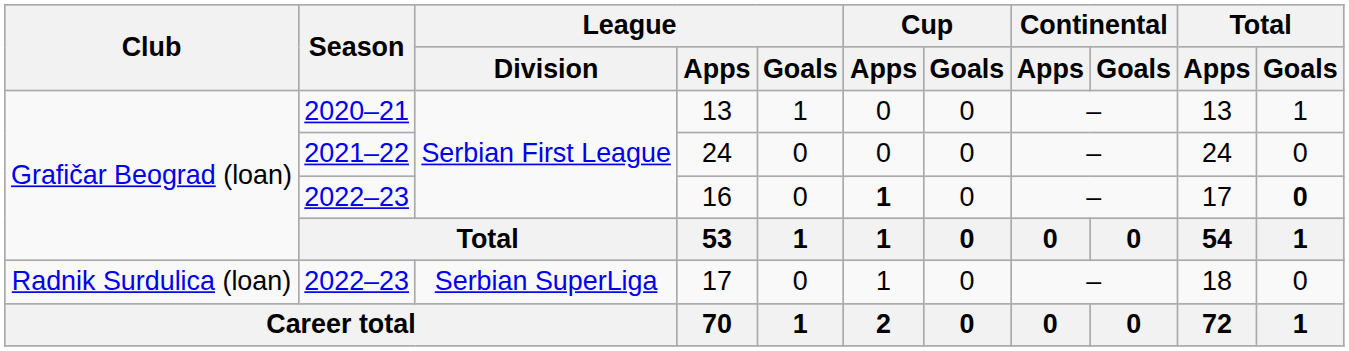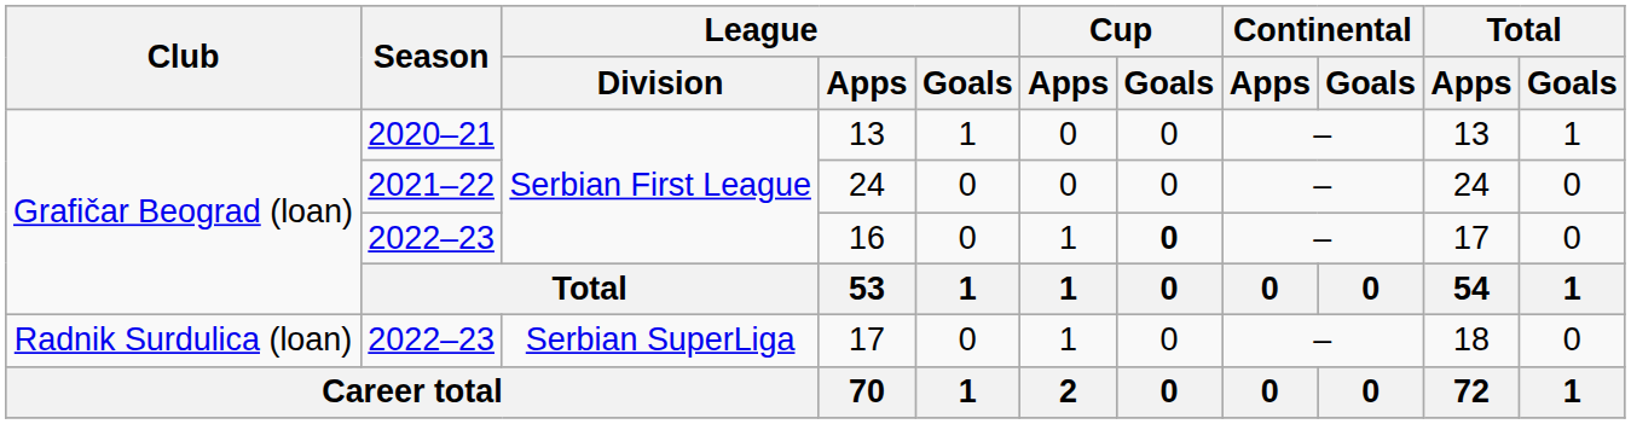 <table class="wikitable" style="text-align: center">
 <tr>
 <th rowspan="2">Club</th>
 <th rowspan="2">Season</th>
 <th colspan="3">League</th>
 <th colspan="2">Cup</th>
 <th colspan="2">Continental</th>
 <th colspan="2">Total</th>
 </tr>
 <tr>
 <th>Division</th>
 <th>Apps</th>
 <th>Goals</th>
 <th>Apps</th>
 <th>Goals</th>
 <th>Apps</th>
 <th>Goals</th>
 <th>Apps</th>
 <th>Goals</th>
 </tr>
 <tr>
 <td rowspan=4><a href='#'>Grafičar Beograd</a> (loan)</td>
 <td><a href='#'>2020–21</a></td>
 <td rowspan=3><a href='#'>Serbian First League</a></td>
 <td>13</td>
 <td>1</td>
 <td>0</td>
 <td>0</td>
 <td colspan="2">–</td>
 <td>13</td>
 <td>1</td>
 </tr>
 <tr>
 <td><a href='#'>2021–22</a></td>
 <td>24</td>
 <td>0</td>
 <td>0</td>
 <td>0</td>
 <td colspan="2">–</td>
 <td>24</td>
 <td>0</td>
 </tr>
 <tr>
 <td><a href='#'>2022–23</a></td>
 <td>16</td>
 <td>0</td>
-<td><strong>1</strong></td>
-<td>0</td>
+<td>1</td>
+<td><strong>0</strong></td>
 <td colspan="2">–</td>
 <td>17</td>
-<td><strong>0</strong></td>
+<td>0</td>
 </tr>
 <tr>
 <th colspan="2"><strong>Total</strong></th>
 <th>53</th>
 <th>1</th>
 <th>1</th>
 <th>0</th>
 <th>0</th>
 <th>0</th>
 <th>54</th>
 <th>1</th>
 </tr>
 <tr>
 <td><a href='#'>Radnik Surdulica</a> (loan)</td>
 <td><a href='#'>2022–23</a></td>
 <td><a href='#'>Serbian SuperLiga</a></td>
 <td>17</td>
 <td>0</td>
 <td>1</td>
 <td>0</td>
 <td colspan="2">–</td>
 <td>18</td>
 <td>0</td>
 </tr>
 <tr>
 <th colspan="3"><strong>Career total</strong></th>
 <th>70</th>
 <th>1</th>
 <th>2</th>
 <th>0</th>
 <th>0</th>
 <th>0</th>
 <th>72</th>
 <th>1</th>
 </tr>
 </table>
